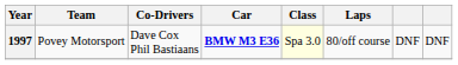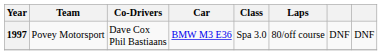 <table class="wikitable" style="font-size:90%">
 <tr>
 <th>Year</th>
 <th>Team</th>
 <th>Co-Drivers</th>
 <th>Car</th>
 <th>Class</th>
 <th>Laps</th>
 <th></th>
 <th></th>
 </tr>
 <tr style="text-align:center;">
 <th>1997</th>
 <td align="left"> Povey Motorsport</td>
 <td align="left"> Dave Cox<br> Phil Bastiaans</td>
-<td align="left"><strong><a href='#'>BMW M3 E36</a></strong></td>
-<td style="background: lightyellow;">Spa 3.0</td>
+<td align="left"><a href='#'>BMW M3 E36</a></td>
+<td>Spa 3.0</td>
 <td>80/off course</td>
 <td>DNF</td>
 <td>DNF</td>
 </tr>
 <tr style="text-align:center;">
 </tr>
 </table>
